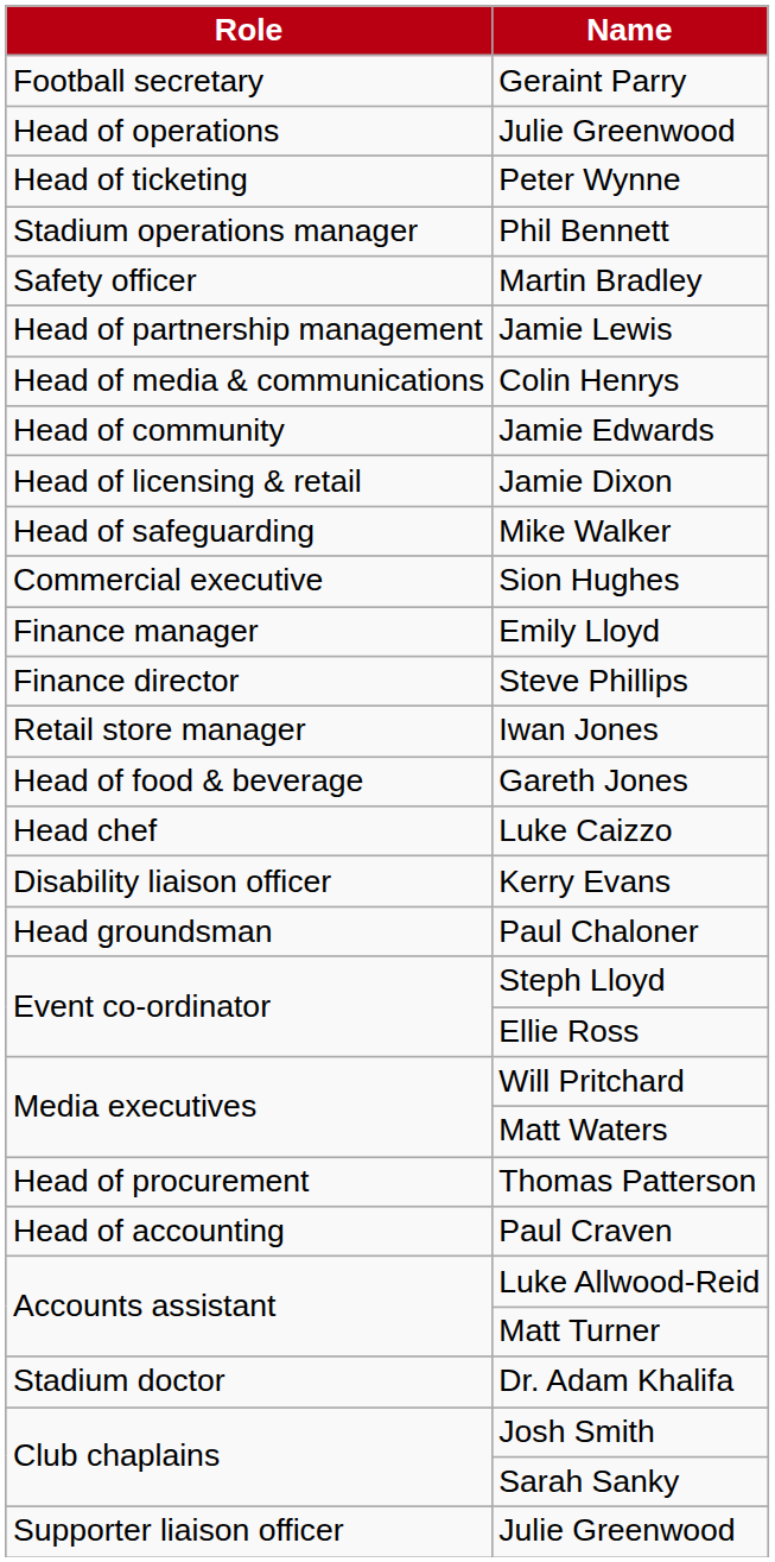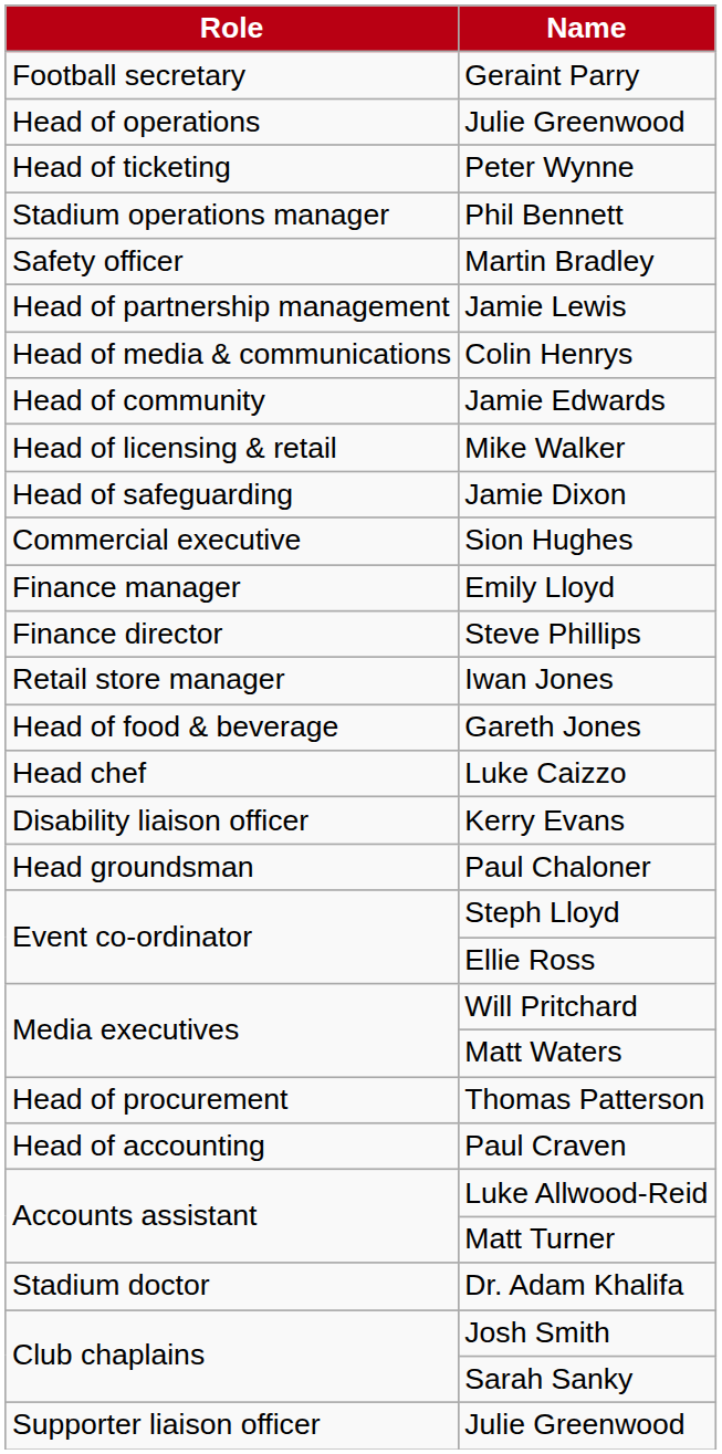 <table class="wikitable" |>
 <tr>
 <th style="background:#b90013;color:white">Role</th>
 <th style="background:#b90013;color:white">Name</th>
 </tr>
 <tr>
 <td align="left">Football secretary</td>
 <td align="left">Geraint Parry</td>
 </tr>
 <tr>
 <td align="left">Head of operations</td>
 <td align="left">Julie Greenwood</td>
 </tr>
 <tr>
 <td align="left">Head of ticketing</td>
 <td align="left">Peter Wynne</td>
 </tr>
 <tr>
 <td align="left">Stadium operations manager</td>
 <td align="left">Phil Bennett</td>
 </tr>
 <tr>
 <td align="left">Safety officer</td>
 <td align="left">Martin Bradley</td>
 </tr>
 <tr>
 <td align="left">Head of partnership management</td>
 <td align="left">Jamie Lewis</td>
 </tr>
 <tr>
 <td align="left">Head of media & communications</td>
 <td align="left">Colin Henrys</td>
 </tr>
 <tr>
 <td align="left">Head of community</td>
 <td align="left">Jamie Edwards</td>
 </tr>
 <tr>
 <td align="left">Head of licensing & retail</td>
-<td align="left">Jamie Dixon</td>
+<td align="left">Mike Walker</td>
 </tr>
 <tr>
 <td align="left">Head of safeguarding</td>
-<td align="left">Mike Walker</td>
+<td align="left">Jamie Dixon</td>
 </tr>
 <tr>
 <td align="left">Commercial executive</td>
 <td align="left">Sion Hughes</td>
 </tr>
 <tr>
 <td align="left">Finance manager</td>
 <td align="left">Emily Lloyd</td>
 </tr>
 <tr>
 <td align="left">Finance director</td>
 <td align="left">Steve Phillips</td>
 </tr>
 <tr>
 <td align="left">Retail store manager</td>
 <td align="left">Iwan Jones</td>
 </tr>
 <tr>
 <td align="left">Head of food & beverage</td>
 <td align="left">Gareth Jones</td>
 </tr>
 <tr>
 <td align="left">Head chef</td>
 <td align="left">Luke Caizzo</td>
 </tr>
 <tr>
 <td align="left">Disability liaison officer</td>
 <td align="left">Kerry Evans</td>
 </tr>
 <tr>
 <td align="left">Head groundsman</td>
 <td align="left">Paul Chaloner</td>
 </tr>
 <tr>
 <td rowspan="2" align="left">Event co-ordinator</td>
 <td align="left">Steph Lloyd</td>
 </tr>
 <tr>
 <td align="left">Ellie Ross</td>
 </tr>
 <tr>
 <td rowspan="2" align="left">Media executives</td>
 <td align="left">Will Pritchard</td>
 </tr>
 <tr>
 <td align="left">Matt Waters</td>
 </tr>
 <tr>
 <td align="left">Head of procurement</td>
 <td align="left">Thomas Patterson</td>
 </tr>
 <tr>
 <td align="left">Head of accounting</td>
 <td align="left">Paul Craven</td>
 </tr>
 <tr>
 <td rowspan="2" align="left">Accounts assistant</td>
 <td align="left">Luke Allwood-Reid</td>
 </tr>
 <tr>
 <td align="left">Matt Turner</td>
 </tr>
 <tr>
 <td align="left">Stadium doctor</td>
 <td align="left">Dr. Adam Khalifa</td>
 </tr>
 <tr>
 <td rowspan="2" align="left">Club chaplains</td>
 <td align="left">Josh Smith</td>
 </tr>
 <tr>
 <td align="left">Sarah Sanky</td>
 </tr>
 <tr>
 <td align="left">Supporter liaison officer</td>
 <td align="left">Julie Greenwood</td>
 </tr>
 </table>
